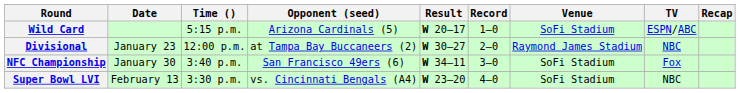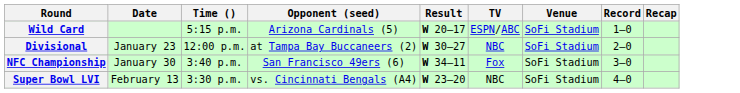 <table class="wikitable" style="text-align:center">
 <tr>
 <th>Round</th>
 <th>Date</th>
 <th>Time (<a href='#'></a>)</th>
 <th>Opponent (seed)</th>
 <th>Result</th>
+<th>TV</th>
+<th>Venue</th>
 <th>Record</th>
-<th>Venue</th>
-<th>TV</th>
 <th>Recap</th>
 </tr>
 <tr style="background:#cfc">
 <th><a href='#'>Wild Card</a></th>
 <td></td>
 <td>5:15 p.m.</td>
 <td><a href='#'>Arizona Cardinals</a> (5)</td>
 <td><strong>W</strong> 20–17</td>
+<td><a href='#'>ESPN</a>/<a href='#'>ABC</a></td>
+<td><a href='#'>SoFi Stadium</a></td>
 <td>1–0</td>
-<td><a href='#'>SoFi Stadium</a></td>
-<td><a href='#'>ESPN</a>/<a href='#'>ABC</a></td>
 <td></td>
 </tr>
 <tr style="background:#cfc">
 <th><a href='#'>Divisional</a></th>
 <td>January 23</td>
 <td>12:00 p.m.</td>
 <td>at <a href='#'>Tampa Bay Buccaneers</a> (2)</td>
 <td><strong>W</strong> 30–27</td>
+<td><a href='#'>NBC</a></td>
+<td><a href='#'>SoFi Stadium</a></td>
 <td>2–0</td>
-<td><a href='#'>Raymond James Stadium</a></td>
-<td><a href='#'>NBC</a></td>
 <td></td>
 </tr>
 <tr style="background:#cfc">
 <th><a href='#'>NFC Championship</a></th>
 <td>January 30</td>
 <td>3:40 p.m.</td>
 <td><a href='#'>San Francisco 49ers</a> (6)</td>
 <td><strong>W</strong> 34–11</td>
+<td><a href='#'>Fox</a></td>
+<td>SoFi Stadium</td>
 <td>3–0</td>
-<td>SoFi Stadium</td>
-<td><a href='#'>Fox</a></td>
 <td></td>
 </tr>
 <tr style="background:#cfc">
 <th><a href='#'>Super Bowl LVI</a></th>
 <td>February 13</td>
 <td>3:30 p.m.</td>
 <td>vs. <a href='#'>Cincinnati Bengals</a> (A4)</td>
 <td><strong>W</strong> 23–20</td>
+<td>NBC</td>
+<td>SoFi Stadium</td>
 <td>4–0</td>
-<td>SoFi Stadium</td>
-<td>NBC</td>
 <td></td>
 </tr>
 </table>
